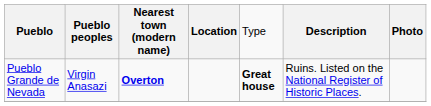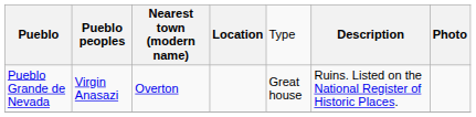 <table class="wikitable sortable" style="width:98%">
 <tr>
 <th>Pueblo</th>
 <th>Pueblo peoples</th>
 <th>Nearest town (modern name)</th>
 <th>Location</th>
 <td>Type</td>
 <th>Description</th>
 <th>Photo</th>
 </tr>
 <tr>
 <td><a href='#'>Pueblo Grande de Nevada</a></td>
 <td><a href='#'>Virgin Anasazi</a></td>
-<td><strong><a href='#'>Overton</a></strong></td>
+<td><a href='#'>Overton</a></td>
 <td></td>
-<td><strong>Great house</strong></td>
+<td>Great house</td>
 <td>Ruins. Listed on the <a href='#'>National Register of Historic Places</a>.</td>
 <td></td>
 </tr>
 <tr>
 </tr>
 </table>
